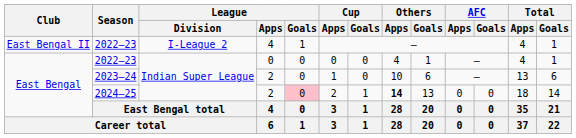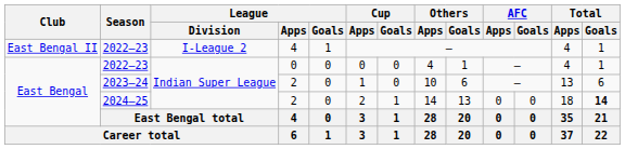 <table class="wikitable" style="text-align:center">
 <tr>
 <th rowspan="2">Club</th>
 <th rowspan="2">Season</th>
 <th colspan="3">League</th>
 <th colspan="2">Cup</th>
 <th colspan="2">Others</th>
 <th colspan="2"><a href='#'>AFC</a></th>
 <th colspan="2">Total</th>
 </tr>
 <tr>
 <th>Division</th>
 <th>Apps</th>
 <th>Goals</th>
 <th>Apps</th>
 <th>Goals</th>
 <th>Apps</th>
 <th>Goals</th>
 <th>Apps</th>
 <th>Goals</th>
 <th>Apps</th>
 <th>Goals</th>
 </tr>
 <tr>
 <td rowspan=1><a href='#'>East Bengal II</a></td>
 <td><a href='#'>2022–23</a></td>
 <td rowspan=1><a href='#'>I-League 2</a></td>
 <td>4</td>
 <td>1</td>
 <td colspan=6>–</td>
 <td>4</td>
 <td>1</td>
 </tr>
 <tr>
 <td rowspan=4><a href='#'>East Bengal</a></td>
 <td><a href='#'>2022–23</a></td>
 <td rowspan=3><a href='#'>Indian Super League</a></td>
 <td>0</td>
 <td>0</td>
 <td>0</td>
 <td>0</td>
 <td>4</td>
 <td>1</td>
 <td colspan=2>–</td>
 <td>4</td>
 <td>1</td>
 </tr>
 <tr>
 <td><a href='#'>2023–24</a></td>
 <td>2</td>
 <td>0</td>
 <td>1</td>
 <td>0</td>
 <td>10</td>
 <td>6</td>
 <td colspan=2>–</td>
 <td>13</td>
 <td>6</td>
 </tr>
 <tr>
 <td><a href='#'>2024–25</a></td>
 <td>2</td>
-<td style="background: pink;">0</td>
+<td>0</td>
 <td>2</td>
 <td>1</td>
-<td><strong>14</strong></td>
+<td>14</td>
 <td>13</td>
 <td>0</td>
 <td>0</td>
 <td>18</td>
-<td>14</td>
+<td><strong>14</strong></td>
 </tr>
 <tr>
 <th colspan=2><strong>East Bengal total</strong></th>
 <th>4</th>
 <th>0</th>
 <th>3</th>
 <th>1</th>
 <th>28</th>
 <th>20</th>
 <th>0</th>
 <th>0</th>
 <th>35</th>
 <th>21</th>
 </tr>
 <tr>
 <th colspan=3><strong>Career total</strong></th>
 <th>6</th>
 <th>1</th>
 <th>3</th>
 <th>1</th>
 <th>28</th>
 <th>20</th>
 <th>0</th>
 <th>0</th>
 <th>37</th>
 <th>22</th>
 </tr>
 </table>
